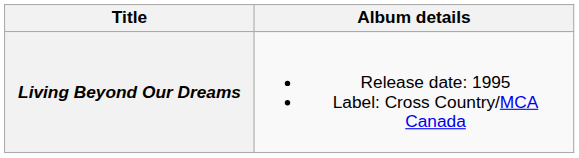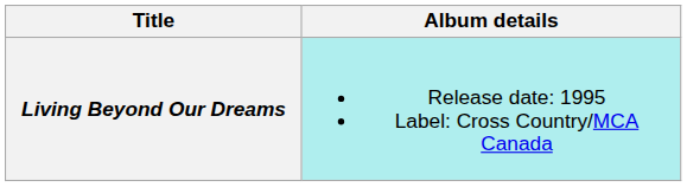 <table class="wikitable plainrowheaders" style="text-align:center;">
 <tr>
 <th style="width:14em;">Title</th>
 <th style="width:18em;">Album details</th>
 </tr>
 <tr>
 <th scope="row"><em>Living Beyond Our Dreams</em></th>
-<td><br><ul><li>Release date: 1995</li><li>Label: Cross Country/<a href='#'>MCA Canada</a></li></ul></td>
+<td style="background: paleturquoise;"><br><ul><li>Release date: 1995</li><li>Label: Cross Country/<a href='#'>MCA Canada</a></li></ul></td>
 </tr>
 </table>
